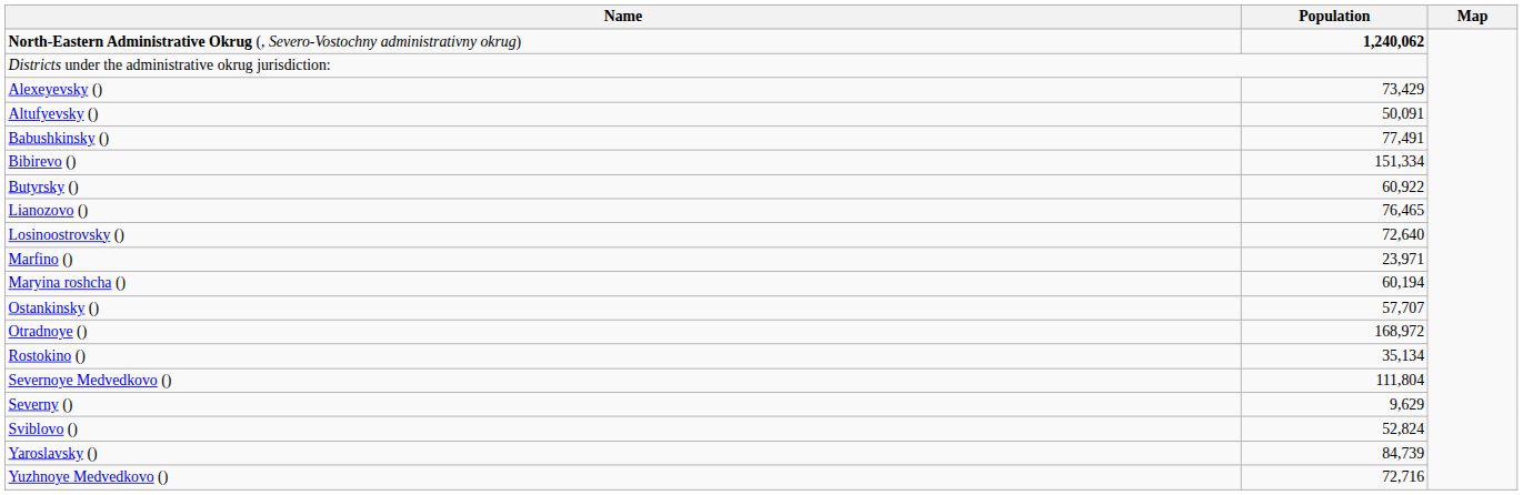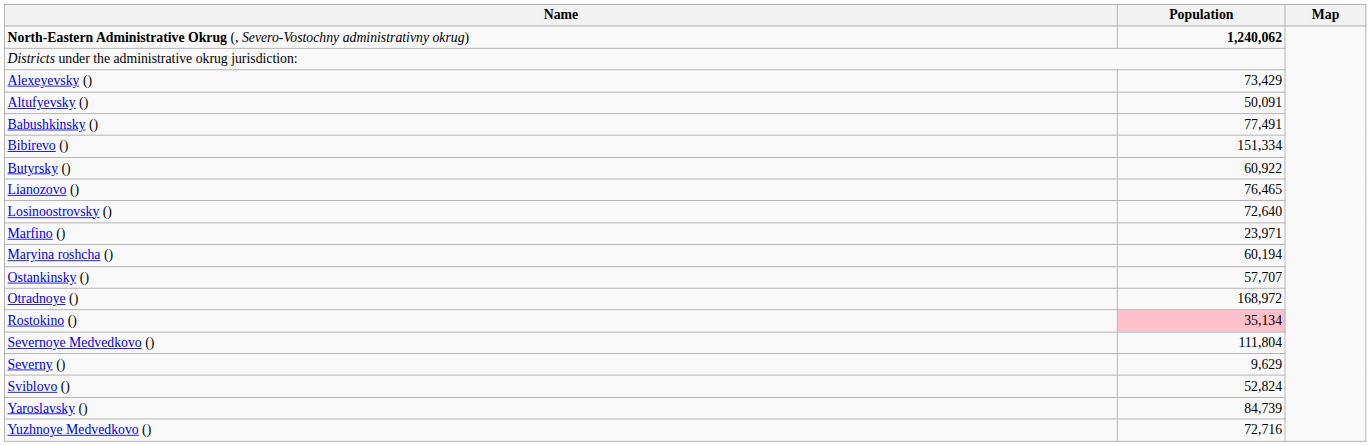 <table width=100% class="wikitable">
 <tr bgcolor="#CCCCFF" align="left">
 <th>Name</th>
 <th>Population</th>
 <th>Map</th>
 </tr>
 <tr>
 <td><strong>North-Eastern Administrative Okrug</strong> (, <em>Severo-Vostochny administrativny okrug</em>)</td>
 <td align="right"><strong>1,240,062</strong></td>
 <td rowspan=19></td>
 </tr>
 <tr>
 <td colspan=2><em>Districts</em> under the administrative okrug jurisdiction:</td>
 </tr>
 <tr>
 <td><a href='#'>Alexeyevsky</a> ()</td>
 <td align="right">73,429</td>
 </tr>
 <tr>
 <td><a href='#'>Altufyevsky</a> ()</td>
 <td align="right">50,091</td>
 </tr>
 <tr>
 <td><a href='#'>Babushkinsky</a> ()</td>
 <td align="right">77,491</td>
 </tr>
 <tr>
 <td><a href='#'>Bibirevo</a> ()</td>
 <td align="right">151,334</td>
 </tr>
 <tr>
 <td><a href='#'>Butyrsky</a> ()</td>
 <td align="right">60,922</td>
 </tr>
 <tr>
 <td><a href='#'>Lianozovo</a> ()</td>
 <td align="right">76,465</td>
 </tr>
 <tr>
 <td><a href='#'>Losinoostrovsky</a> ()</td>
 <td align="right">72,640</td>
 </tr>
 <tr>
 <td><a href='#'>Marfino</a> ()</td>
 <td align="right">23,971</td>
 </tr>
 <tr>
 <td><a href='#'>Maryina roshcha</a> ()</td>
 <td align="right">60,194</td>
 </tr>
 <tr>
 <td><a href='#'>Ostankinsky</a> ()</td>
 <td align="right">57,707</td>
 </tr>
 <tr>
 <td><a href='#'>Otradnoye</a> ()</td>
 <td align="right">168,972</td>
 </tr>
 <tr>
 <td><a href='#'>Rostokino</a> ()</td>
-<td align="right">35,134</td>
+<td align="right" style="background: pink;">35,134</td>
 </tr>
 <tr>
 <td><a href='#'>Severnoye Medvedkovo</a> ()</td>
 <td align="right">111,804</td>
 </tr>
 <tr>
 <td><a href='#'>Severny</a> ()</td>
 <td align="right">9,629</td>
 </tr>
 <tr>
 <td><a href='#'>Sviblovo</a> ()</td>
 <td align="right">52,824</td>
 </tr>
 <tr>
 <td><a href='#'>Yaroslavsky</a> ()</td>
 <td align="right">84,739</td>
 </tr>
 <tr>
 <td><a href='#'>Yuzhnoye Medvedkovo</a> ()</td>
 <td align="right">72,716</td>
 </tr>
 </table>
